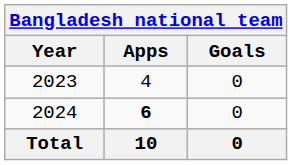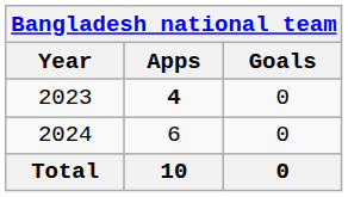 <table class=wikitable style=text-align:center>
 <tr>
 <th colspan=4><a href='#'>Bangladesh national team</a></th>
 </tr>
 <tr>
 <th>Year</th>
 <th>Apps</th>
 <th>Goals</th>
 </tr>
 <tr>
 <td>2023</td>
-<td>4</td>
+<td><strong>4</strong></td>
 <td>0</td>
 </tr>
 <tr>
 <td>2024</td>
-<td><strong>6</strong></td>
+<td>6</td>
 <td>0</td>
 </tr>
 <tr>
 <th colspan=1>Total</th>
 <th>10</th>
 <th>0</th>
 </tr>
 </table>
